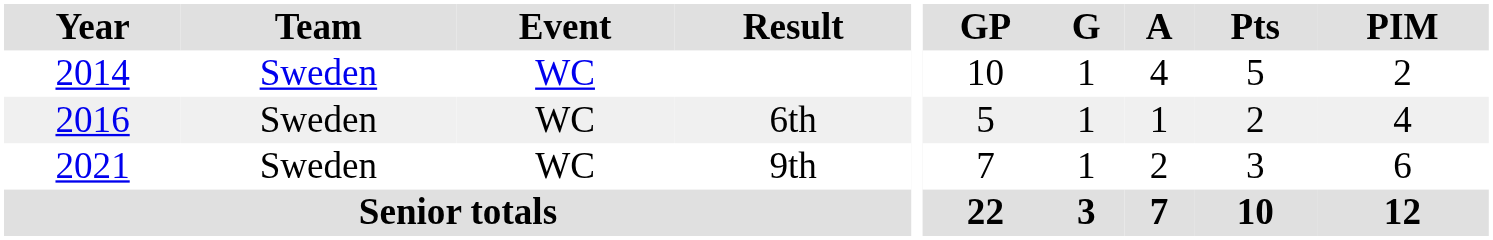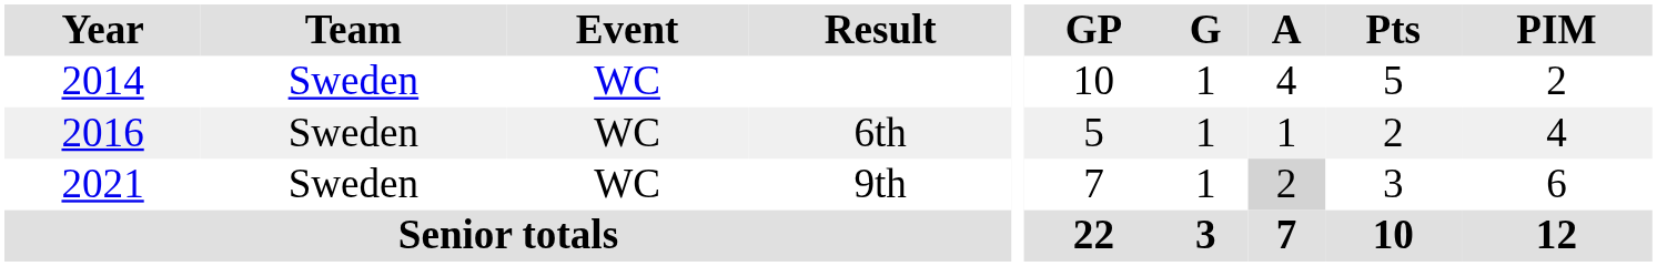 <table border="0" cellpadding="1" cellspacing="0" ID="Table3" style="text-align:center; width:40em">
 <tr ALIGN="center" bgcolor="#e0e0e0">
 <th>Year</th>
 <th>Team</th>
 <th>Event</th>
 <th>Result</th>
 <th rowspan="99" bgcolor="#ffffff"></th>
 <th>GP</th>
 <th>G</th>
 <th>A</th>
 <th>Pts</th>
 <th>PIM</th>
 </tr>
 <tr>
 <td><a href='#'>2014</a></td>
 <td><a href='#'>Sweden</a></td>
 <td><a href='#'>WC</a></td>
 <td></td>
 <td>10</td>
 <td>1</td>
 <td>4</td>
 <td>5</td>
 <td>2</td>
 </tr>
 <tr bgcolor="#f0f0f0">
 <td><a href='#'>2016</a></td>
 <td>Sweden</td>
 <td>WC</td>
 <td>6th</td>
 <td>5</td>
 <td>1</td>
 <td>1</td>
 <td>2</td>
 <td>4</td>
 </tr>
 <tr>
 <td><a href='#'>2021</a></td>
 <td>Sweden</td>
 <td>WC</td>
 <td>9th</td>
 <td>7</td>
 <td>1</td>
-<td>2</td>
+<td style="background: lightgrey;">2</td>
 <td>3</td>
 <td>6</td>
 </tr>
 <tr bgcolor="#e0e0e0">
 <th colspan=4>Senior totals</th>
 <th>22</th>
 <th>3</th>
 <th>7</th>
 <th>10</th>
 <th>12</th>
 </tr>
 </table>
